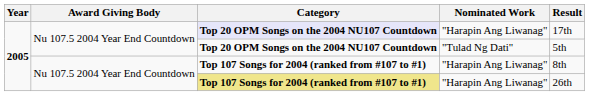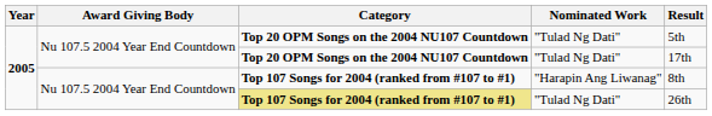 <table class="wikitable">
 <tr>
 <th>Year</th>
 <th>Award Giving Body</th>
 <th>Category</th>
 <th>Nominated Work</th>
 <th>Result</th>
 </tr>
 <tr>
 <td rowspan=4><strong>2005</strong></td>
 <td rowspan=2>Nu 107.5 2004 Year End Countdown</td>
-<td style="background: lavender;"><strong>Top 20 OPM Songs on the 2004 NU107 Countdown</strong></td>
-<td>"Harapin Ang Liwanag"</td>
-<td>17th</td>
+<td><strong>Top 20 OPM Songs on the 2004 NU107 Countdown</strong></td>
+<td>"Tulad Ng Dati"</td>
+<td>5th</td>
 </tr>
 <tr>
 <td><strong>Top 20 OPM Songs on the 2004 NU107 Countdown</strong></td>
 <td>"Tulad Ng Dati"</td>
-<td>5th</td>
+<td>17th</td>
 </tr>
 <tr>
 <td rowspan=2>Nu 107.5 2004 Year End Countdown</td>
 <td><strong>Top 107 Songs for 2004 (ranked from #107 to #1)</strong></td>
 <td>"Harapin Ang Liwanag"</td>
 <td>8th</td>
 </tr>
 <tr>
 <td style="background: khaki;"><strong>Top 107 Songs for 2004 (ranked from #107 to #1)</strong></td>
-<td>"Harapin Ang Liwanag"</td>
+<td>"Tulad Ng Dati"</td>
 <td>26th</td>
 </tr>
 </table>
